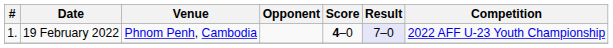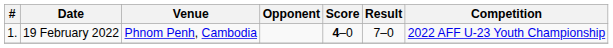 <table class="wikitable">
 <tr>
 <th>#</th>
 <th>Date</th>
 <th>Venue</th>
 <th>Opponent</th>
 <th>Score</th>
 <th>Result</th>
 <th>Competition</th>
 </tr>
 <tr>
 <td>1.</td>
 <td>19 February 2022</td>
 <td><a href='#'>Phnom Penh</a>, <a href='#'>Cambodia</a></td>
 <td></td>
 <td align=center><strong>4</strong>–0</td>
-<td align=center style="background: lavender;">7–0</td>
+<td align=center>7–0</td>
 <td><a href='#'>2022 AFF U-23 Youth Championship</a></td>
 </tr>
 <tr>
 </tr>
 </table>
